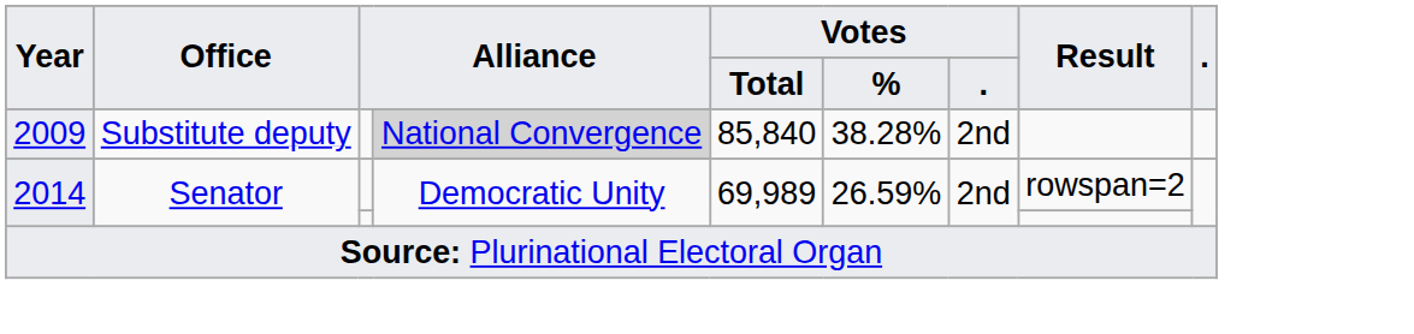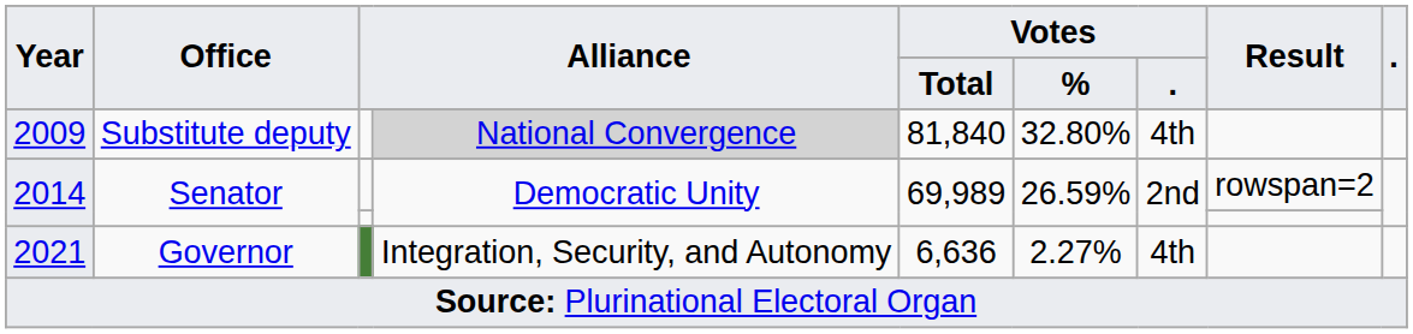 <table class="wikitable" style="font-size:90%; text-align:center;">
 <tr>
 <th style="background-color:#EAECF0;" rowspan=2>Year</th>
 <th style="background-color:#EAECF0;" rowspan=2>Office</th>
 <th style="background-color:#EAECF0;" colspan=2 rowspan=2>Alliance</th>
 <th style="background-color:#EAECF0;" colspan=3>Votes</th>
 <th style="background-color:#EAECF0;" rowspan=2>Result</th>
 <th style="background-color:#EAECF0;" rowspan=2>.</th>
 </tr>
 <tr>
 <th style="background-color:#EAECF0;">Total</th>
 <th style="background-color:#EAECF0;">%</th>
 <th style="background-color:#EAECF0;">.</th>
 </tr>
 <tr>
 <td style="background-color:#EAECF0;"><a href='#'>2009</a></td>
 <td><a href='#'>Substitute deputy</a></td>
 <td style="background-color:"></td>
 <td style="background: lightgrey;"><a href='#'>National Convergence</a></td>
-<td>85,840</td>
-<td>38.28%</td>
-<td>2nd</td>
+<td>81,840</td>
+<td>32.80%</td>
+<td>4th</td>
 <td></td>
 <td></td>
 </tr>
 <tr>
 <td rowspan=2 style="background-color:#EAECF0;"><a href='#'>2014</a></td>
 <td rowspan=2><a href='#'>Senator</a></td>
 <td style="background-color:"></td>
 <td rowspan=2><a href='#'>Democratic Unity</a></td>
 <td rowspan=2>69,989</td>
 <td rowspan=2>26.59%</td>
 <td rowspan=2>2nd</td>
 <td>rowspan=2 </td>
 <td rowspan=2></td>
 </tr>
 <tr>
 <td style="background-color:"></td>
 </tr>
 <tr>
+<td style="background-color:#EAECF0;"><a href='#'>2021</a></td>
+<td><a href='#'>Governor</a></td>
+<td style="background-color:#457E37;"></td>
+<td>Integration, Security, and Autonomy</td>
+<td>6,636</td>
+<td>2.27%</td>
+<td>4th</td>
+<td></td>
+<td></td>
+</tr>
+<tr>
 <td style="background-color:#EAECF0;" colspan=9><strong>Source:</strong> <a href='#'>Plurinational Electoral Organ</a>  </td>
 </tr>
 </table>
